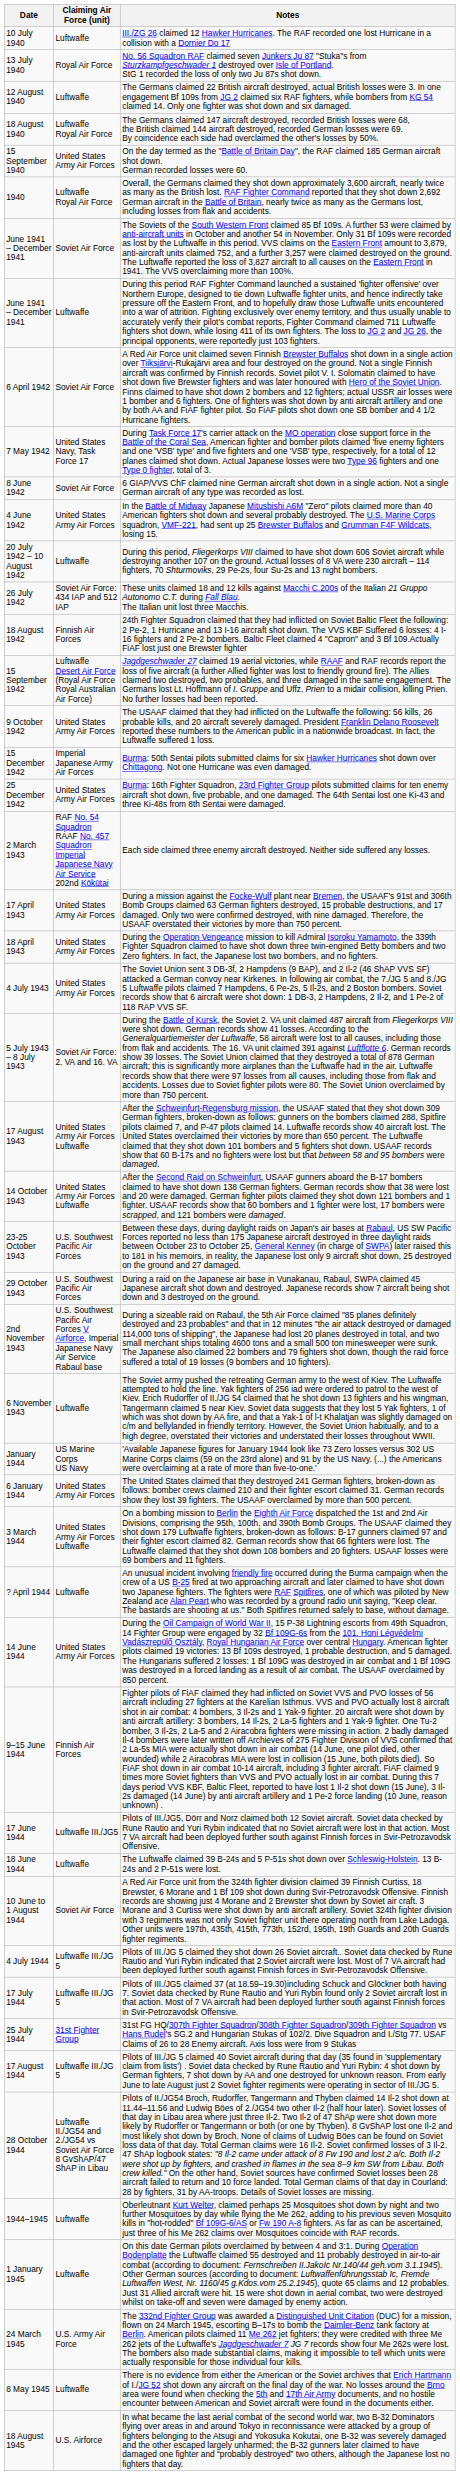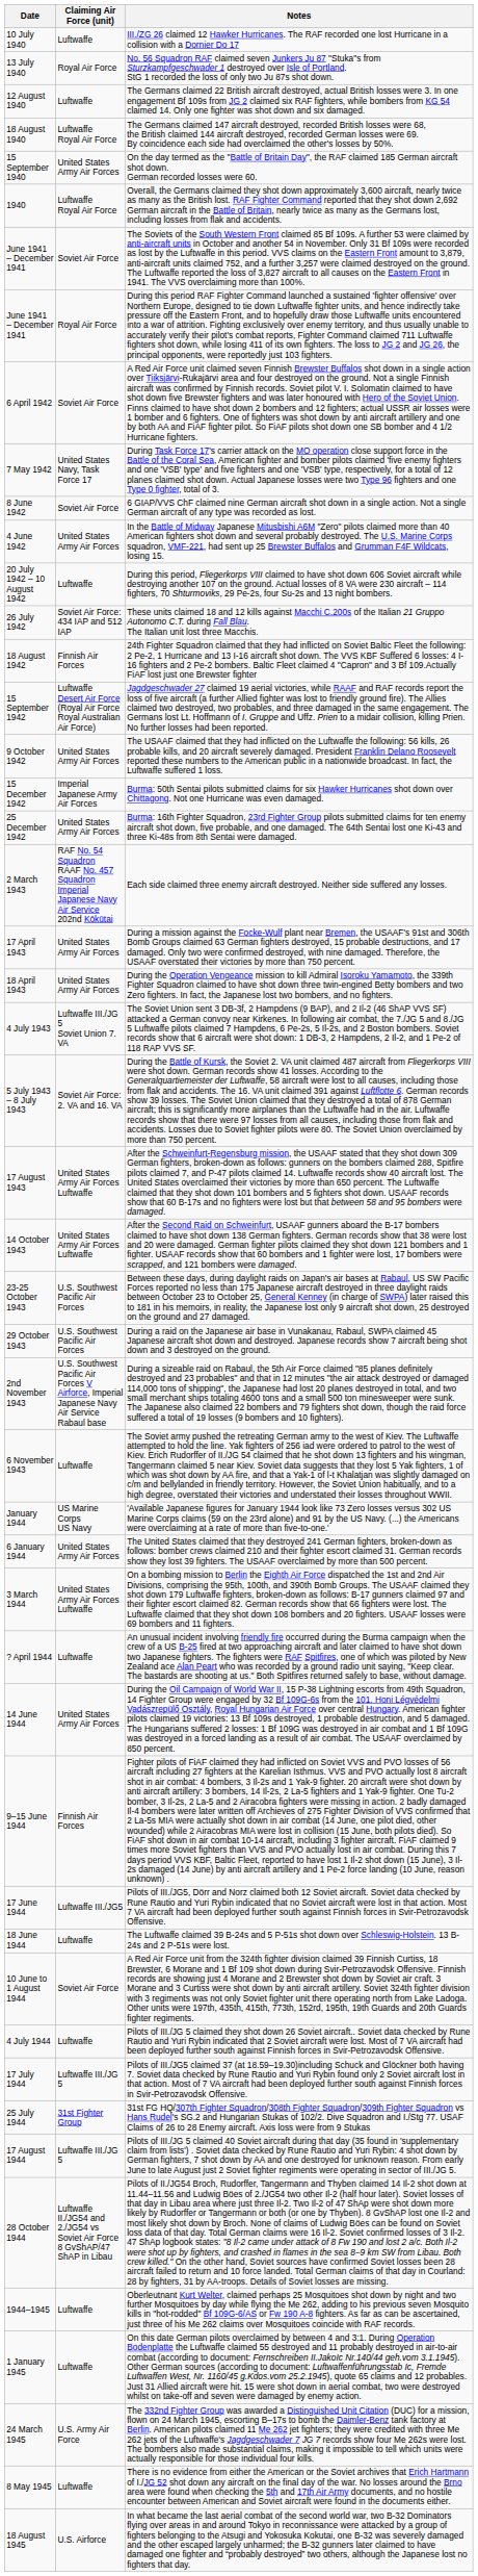 <table class="wikitable sortable">
 <tr>
 <th>Date</th>
 <th>Claiming Air Force (unit)</th>
 <th>Notes</th>
 </tr>
 <tr>
 <td>10 July 1940</td>
 <td>Luftwaffe</td>
 <td><a href='#'>III./ZG 26</a> claimed 12 <a href='#'>Hawker Hurricanes</a>. The RAF recorded one lost Hurricane in a collision with a <a href='#'>Dornier Do 17</a></td>
 </tr>
 <tr>
 <td>13 July 1940</td>
 <td>Royal Air Force</td>
 <td><a href='#'>No. 56 Squadron RAF</a> claimed seven <a href='#'>Junkers Ju 87</a> "Stuka"s from <em><a href='#'>Sturzkampfgeschwader 1</a></em> destroyed over <a href='#'>Isle of Portland</a>.<br> StG 1 recorded the loss of only two Ju 87s shot down.</td>
 </tr>
 <tr>
 <td>12 August 1940</td>
 <td>Luftwaffe</td>
 <td>The Germans claimed 22 British aircraft destroyed, actual British losses were 3. In one engagement Bf 109s from <a href='#'>JG 2</a> claimed six RAF fighters, while bombers from <a href='#'>KG 54</a> claimed 14. Only one fighter was shot down and six damaged.</td>
 </tr>
 <tr>
 <td>18 August 1940</td>
 <td>Luftwaffe <br> Royal Air Force</td>
 <td>The Germans claimed 147 aircraft destroyed, recorded British losses were 68,<br> the British claimed 144 aircraft destroyed, recorded German losses were 69.<br>By coincidence each side had overclaimed the other's losses by 50%.</td>
 </tr>
 <tr>
 <td>15 September 1940</td>
 <td>United States Army Air Forces</td>
 <td>On the day termed as the "<a href='#'>Battle of Britain Day</a>", the RAF claimed 185 German aircraft shot down. <br>German recorded losses were 60.</td>
 </tr>
 <tr>
 <td>1940</td>
 <td>Luftwaffe <br> Royal Air Force</td>
 <td>Overall, the Germans claimed they shot down approximately 3,600 aircraft, nearly twice as many as the British lost. <a href='#'>RAF Fighter Command</a> reported that they shot down 2,692 German aircraft in the <a href='#'>Battle of Britain</a>, nearly twice as many as the Germans lost, including losses from flak and accidents.</td>
 </tr>
 <tr>
 <td>June 1941 – December 1941</td>
 <td>Soviet Air Force</td>
 <td>The Soviets of the <a href='#'>South Western Front</a> claimed 85 Bf 109s. A further 53 were claimed by <a href='#'>anti-aircraft units</a> in October and another 54 in November. Only 31 Bf 109s were recorded as lost by the Luftwaffe in this period. VVS claims on the <a href='#'>Eastern Front</a> amount to 3,879, anti-aircraft units claimed 752, and a further 3,257 were claimed destroyed on the ground. The Luftwaffe reported the loss of 3,827 aircraft to all causes on the <a href='#'>Eastern Front</a> in 1941. The VVS overclaiming more than 100%.</td>
 </tr>
 <tr>
 <td>June 1941 – December 1941</td>
-<td>Luftwaffe</td>
+<td>Royal Air Force</td>
 <td>During this period RAF Fighter Command launched a sustained 'fighter offensive' over Northern Europe, designed to tie down Luftwaffe fighter units, and hence indirectly take pressure off the Eastern Front, and to hopefully draw those Luftwaffe units encountered into a war of attrition. Fighting exclusively over enemy territory, and thus usually unable to accurately verify their pilot's combat reports, Fighter Command claimed 711 Luftwaffe fighters shot down, while losing 411 of its own fighters. The loss to <a href='#'>JG 2</a> and <a href='#'>JG 26</a>, the principal opponents, were reportedly just 103 fighters.</td>
 </tr>
 <tr>
 <td>6 April 1942</td>
 <td>Soviet Air Force</td>
 <td>A Red Air Force unit claimed seven Finnish <a href='#'>Brewster Buffalos</a> shot down in a single action over <a href='#'>Tiiksjärvi</a>-Rukajärvi area and four destroyed on the ground. Not a single Finnish aircraft was confirmed by Finnish records. Soviet pilot V. I. Solomatin claimed to have shot down five Brewster fighters and was later honoured with <a href='#'>Hero of the Soviet Union</a>. Finns claimed to have shot down 2 bombers and 12 fighters; actual USSR air losses were 1 bomber and 6 fighters. One of fighters was shot down by anti aircraft artillery and one by both AA and FiAF fighter pilot. So FiAF pilots shot down one SB bomber and 4 1/2 Hurricane fighters. </td>
 </tr>
 <tr>
 <td>7 May 1942</td>
 <td>United States Navy, Task Force 17</td>
 <td>During <a href='#'>Task Force 17</a>'s carrier attack on the <a href='#'>MO operation</a> close support force in the <a href='#'>Battle of the Coral Sea</a>, American fighter and bomber pilots claimed 'five enemy fighters and one 'VSB' type' and five fighters and one 'VSB' type, respectively, for a total of 12 planes claimed shot down. Actual Japanese losses were two <a href='#'>Type 96</a> fighters and one <a href='#'>Type 0 fighter</a>, total of 3.</td>
 </tr>
 <tr>
 <td>8 June 1942</td>
 <td>Soviet Air Force</td>
 <td>6 GIAP/VVS ChF claimed nine German aircraft shot down in a single action. Not a single German aircraft of any type was recorded as lost.</td>
 </tr>
 <tr>
 <td>4 June 1942</td>
 <td>United States Army Air Forces</td>
 <td>In the <a href='#'>Battle of Midway</a> Japanese <a href='#'>Mitusbishi A6M</a> "Zero" pilots claimed more than 40 American fighters shot down and several probably destroyed. The <a href='#'>U.S. Marine Corps</a> squadron, <a href='#'>VMF-221</a>, had sent up 25 <a href='#'>Brewster Buffalos</a> and <a href='#'>Grumman F4F Wildcats</a>, losing 15.</td>
 </tr>
 <tr>
 <td>20 July 1942 – 10 August 1942</td>
 <td>Luftwaffe</td>
 <td>During this period, <em>Fliegerkorps VIII</em> claimed to have shot down 606 Soviet aircraft while destroying another 107 on the ground. Actual losses of 8 VA were 230 aircraft – 114 fighters, 70 <em>Shturmoviks</em>, 29 Pe-2s, four Su-2s and 13 night bombers.</td>
 </tr>
 <tr>
 <td>26 July 1942</td>
 <td>Soviet Air Force: 434 IAP and 512 IAP</td>
 <td>These units claimed 18 and 12 kills against <a href='#'>Macchi C.200s</a> of the Italian <em>21 Gruppo Autonomo C.T.</em> during <em><a href='#'>Fall Blau</a></em>.<br> The Italian unit lost three Macchis.</td>
 </tr>
 <tr>
 <td>18 August 1942</td>
 <td>Finnish Air Forces</td>
 <td>24th Fighter Squadron claimed that they had inflicted on  Soviet Baltic Fleet the following: 2 Pe-2, 1 Hurricane and 13 I-16 aircraft shot down. The VVS KBF Suffered 6 losses: 4 I-16 fighters and 2 Pe-2 bombers. Baltic Fleet claimed 4 "Capron" and 3 Bf 109.Actually FiAF lost just one Brewster fighter</td>
 </tr>
 <tr>
 <td>15 September 1942</td>
 <td>Luftwaffe<br><a href='#'>Desert Air Force</a> (Royal Air Force <br>Royal Australian Air Force)</td>
 <td><em><a href='#'>Jagdgeschwader 27</a></em> claimed 19 aerial victories, while <a href='#'>RAAF</a> and RAF records report the loss of five aircraft (a further Allied fighter was lost to friendly ground fire). The Allies claimed two destroyed, two probables, and three damaged in the same engagement. The Germans lost Lt. Hoffmann of <em>I. Gruppe</em> and Uffz. <em>Prien</em> to a midair collision, killing Prien. No further losses had been reported.</td>
 </tr>
 <tr>
 <td>9 October 1942</td>
 <td>United States Army Air Forces</td>
 <td>The USAAF claimed that they had inflicted on the Luftwaffe the following: 56 kills, 26 probable kills, and 20 aircraft severely damaged. President <a href='#'>Franklin Delano Roosevelt</a> reported these numbers to the American public in a nationwide broadcast. In fact, the Luftwaffe suffered 1 loss.</td>
 </tr>
 <tr>
 <td>15 December 1942</td>
 <td>Imperial Japanese Army Air Forces</td>
 <td><a href='#'>Burma</a>: 50th Sentai pilots submitted claims for six <a href='#'>Hawker Hurricanes</a> shot down over <a href='#'>Chittagong</a>. Not one Hurricane was even damaged.</td>
 </tr>
 <tr>
 <td>25 December 1942</td>
 <td>United States Army Air Forces</td>
 <td><a href='#'>Burma</a>: 16th Fighter Squadron, <a href='#'>23rd Fighter Group</a> pilots submitted claims for ten enemy aircraft shot down, five probable, and one damaged. The 64th Sentai lost one Ki-43 and three Ki-48s from 8th Sentai were damaged.</td>
 </tr>
 <tr>
 <td>2 March 1943</td>
 <td>RAF <a href='#'>No. 54 Squadron</a><br>RAAF <a href='#'>No. 457 Squadron</a><br><a href='#'>Imperial Japanese Navy Air Service</a> 202nd <a href='#'>Kōkūtai</a></td>
 <td>Each side claimed three enemy aircraft destroyed. Neither side suffered any losses.</td>
 </tr>
 <tr>
 <td>17 April 1943</td>
 <td>United States Army Air Forces</td>
 <td>During a mission against the <a href='#'>Focke-Wulf</a> plant near <a href='#'>Bremen</a>, the USAAF's 91st and 306th Bomb Groups claimed 63 German fighters destroyed, 15 probable destructions, and 17 damaged. Only two were confirmed destroyed, with nine damaged. Therefore, the USAAF overstated their victories by more than 750 percent.</td>
 </tr>
 <tr>
 <td>18 April 1943</td>
 <td>United States Army Air Forces</td>
 <td>During the <a href='#'>Operation Vengeance</a> mission to kill Admiral <a href='#'>Isoroku Yamamoto</a>, the 339th Fighter Squadron claimed to have shot down three twin-engined Betty bombers and two Zero fighters. In fact, the Japanese lost two bombers, and no fighters.</td>
 </tr>
 <tr>
 <td>4 July 1943</td>
-<td>United States Army Air Forces</td>
+<td>Luftwaffe III./JG 5<br>Soviet Union 7. VA</td>
 <td>The Soviet Union sent 3 DB-3f, 2 Hampdens (9 BAP), and 2 Il-2 (46 ShAP VVS SF) attacked a German convoy near Kirkenes. In following air combat, the 7./JG 5 and 8./JG 5 Luftwaffe pilots claimed 7 Hampdens, 6 Pe-2s, 5 Il-2s, and 2 Boston bombers. Soviet records show that 6 aircraft were shot down: 1 DB-3, 2 Hampdens, 2 Il-2, and 1 Pe-2 of 118 RAP VVS SF.</td>
 </tr>
 <tr>
 <td>5 July 1943 – 8 July 1943</td>
 <td>Soviet Air Force: 2. VA and 16. VA</td>
 <td>During the <a href='#'>Battle of Kursk</a>, the Soviet 2. VA unit claimed 487 aircraft from <em>Fliegerkorps VIII</em> were shot down. German records show 41 losses. According to the <em>Generalquartiemeister der Luftwaffe</em>, 58 aircraft were lost to all causes, including those from flak and accidents. The 16. VA unit claimed 391 against <em><a href='#'>Luftflotte 6</a></em>. German records show 39 losses. The Soviet Union claimed that they destroyed a total of 878 German aircraft; this is significantly more airplanes than the Luftwaffe had in the air. Luftwaffe records show that there were 97 losses from all causes, including those from flak and accidents. Losses due to Soviet fighter pilots were 80. The Soviet Union overclaimed by more than 750 percent.</td>
 </tr>
 <tr>
 <td>17 August 1943</td>
 <td>United States Army Air Forces<br>Luftwaffe</td>
 <td>After the <a href='#'>Schweinfurt-Regensburg mission</a>, the USAAF stated that they shot down 309 German fighters, broken-down as follows: gunners on the bombers claimed 288, Spitfire pilots claimed 7, and P-47 pilots claimed 14. Luftwaffe records show 40 aircraft lost. The United States overclaimed their victories by more than 650 percent. The Luftwaffe claimed that they shot down 101 bombers and 5 fighters shot down. USAAF records show that 60 B-17s and no fighters were lost  but that <em>between 58 and 95 bombers</em> were <em>damaged</em>.</td>
 </tr>
 <tr>
 <td>14 October 1943</td>
 <td>United States Army Air Forces<br>Luftwaffe</td>
 <td>After the <a href='#'>Second Raid on Schweinfurt</a>, USAAF gunners aboard the B-17 bombers claimed to have shot down 138 German fighters. German records show that 38 were lost and 20 were damaged. German fighter pilots claimed they shot down 121 bombers and 1 fighter. USAAF records show that 60 bombers and 1 fighter were lost, 17 bombers were <em>scrapped</em>, and 121 bombers were <em>damaged</em>.</td>
 </tr>
 <tr>
 <td>23-25 October 1943</td>
 <td>U.S. Southwest Pacific Air Forces</td>
 <td>Between these days, during daylight raids on Japan's air bases at <a href='#'>Rabaul</a>, US SW Pacific Forces reported no less than 175 Japanese aircraft destroyed in three daylight raids between October 23 to October 25, <a href='#'>General Kenney</a> (in charge of <a href='#'>SWPA</a>) later raised this to 181 in his memoirs, in reality, the Japanese lost only 9 aircraft shot down, 25 destroyed on the ground and 27 damaged.</td>
 </tr>
 <tr>
 <td>29 October 1943</td>
 <td>U.S. Southwest Pacific Air Forces</td>
 <td>During a raid on the Japanese air base in Vunakanau, Rabaul, SWPA claimed 45 Japanese aircraft shot down and destroyed. Japanese records show 7 aircraft being shot down and 3 destroyed on the ground.</td>
 </tr>
 <tr>
 <td>2nd November 1943</td>
 <td>U.S. Southwest Pacific Air Forces <a href='#'>V Airforce</a>, Imperial Japanese Navy Air Service Rabaul base</td>
 <td>During a sizeable raid on Rabaul, the 5th Air Force claimed "85 planes definitely destroyed and 23 probables" and that in 12 minutes "the air attack destroyed or damaged 114,000 tons of shipping", the Japanese had lost 20 planes destroyed in total, and two small merchant ships totaling 4600 tons and a small 500 ton minesweeper were sunk. The Japanese also claimed 22 bombers and 79 fighters shot down, though the raid force suffered a total of 19 losses (9 bombers and 10 fighters).</td>
 </tr>
 <tr>
 <td>6 November 1943</td>
 <td>Luftwaffe</td>
 <td>The Soviet army pushed the retreating German army to the west of Kiev. The Luftwaffe attempted to hold the line. Yak fighters of 256 iad were ordered to patrol to the west of Kiev. Erich Rudorffer of II./JG 54 claimed that he shot down 13 fighters and his wingman, Tangermann claimed 5 near Kiev. Soviet data suggests that they lost 5 Yak fighters, 1 of which was shot down by AA fire, and that a Yak-1 of l-t Khalatjan was slightly damaged on c/m and bellylanded in friendly territory. However, the Soviet Union habitually, and to a high degree, overstated their victories and understated their losses throughout WWII.</td>
 </tr>
 <tr>
 <td>January 1944</td>
 <td>US Marine Corps<br>US Navy</td>
 <td>'Available Japanese figures for January 1944 look like 73 Zero losses versus 302 US Marine Corps claims (59 on the 23rd alone) and 91 by the US Navy. (...) the Americans were overclaiming at a rate of more than five-to-one.'</td>
 </tr>
 <tr>
 <td>6 January 1944</td>
 <td>United States Army Air Forces</td>
 <td>The United States claimed that they destroyed 241 German fighters, broken-down as follows: bomber crews claimed 210 and their fighter escort claimed 31. German records show they lost 39 fighters. The USAAF overclaimed by more than 500 percent.</td>
 </tr>
 <tr>
 <td>3 March 1944</td>
 <td>United States Army Air Forces<br>Luftwaffe</td>
 <td>On a bombing mission to <a href='#'>Berlin</a> the <a href='#'>Eighth Air Force</a> dispatched the 1st and 2nd Air Divisions, comprising the 95th, 100th, and 390th Bomb Groups. The USAAF claimed they shot down 179 Luftwaffe fighters, broken-down as follows: B-17 gunners claimed 97 and their fighter escort claimed 82. German records show that 66 fighters were lost. The Luftwaffe claimed that they shot down 108 bombers and 20 fighters. USAAF losses were 69 bombers and 11 fighters.</td>
 </tr>
 <tr>
 <td>? April 1944</td>
 <td>Luftwaffe</td>
 <td>An unusual incident involving <a href='#'>friendly fire</a> occurred during the Burma campaign when the crew of a US <a href='#'>B-25</a> fired at two approaching aircraft and later claimed to have shot down two Japanese fighters. The fighters were <a href='#'>RAF</a> <a href='#'>Spitfires</a>, one of which was piloted by New Zealand ace <a href='#'>Alan Peart</a> who was recorded by a ground radio unit saying, "Keep clear. The bastards are shooting at us." Both Spitfires returned safely to base, without damage.</td>
 </tr>
 <tr>
 <td>14 June 1944</td>
 <td>United States Army Air Forces</td>
 <td>During the <a href='#'>Oil Campaign of World War II</a>, 15 P-38 Lightning escorts from 49th Squadron, 14 Fighter Group were engaged by 32 <a href='#'>Bf 109G-6s</a> from the <a href='#'>101. Honi Légvédelmi Vadászrepülő Osztály</a>, <a href='#'>Royal Hungarian Air Force</a> over central <a href='#'>Hungary</a>. American fighter pilots claimed 19 victories: 13 Bf 109s destroyed, 1 probable destruction, and 5 damaged. The Hungarians suffered 2 losses: 1 Bf 109G was destroyed in air combat and 1 Bf 109G was destroyed in a forced landing as a result of air combat. The USAAF overclaimed by 850 percent.</td>
 </tr>
 <tr>
 <td>9–15 June 1944</td>
 <td>Finnish Air Forces</td>
 <td>Fighter pilots of FiAF claimed they had inflicted on Soviet VVS and PVO losses of 56 aircraft including 27 fighters at the Karelian Isthmus. VVS and PVO actually lost 8 aircraft shot in air combat: 4 bombers, 3 Il-2s and 1 Yak-9 fighter. 20 aircraft were shot down by anti aircraft artillery: 3 bombers, 14 Il-2s, 2 La-5 fighters and 1 Yak-9 fighter. One Tu-2 bomber, 3 Il-2s, 2 La-5 and 2 Airacobra fighters were missing in action. 2 badly damaged Il-4 bombers were later written off Archieves of 275 Fighter Division of VVS confirmed that 2 La-5s MIA were actually shot down in air combat (14 June, one pilot died, other wounded) while 2 Airacobras MIA were lost in collision (15 June, both pilots died). So FiAF shot down in air combat 10-14 aircraft, including 3 fighter aircraft. FiAF claimed 9 times more Soviet fighters than VVS and PVO actually lost in air combat. During this 7 days period VVS KBF, Baltic Fleet, reported to have lost 1 Il-2 shot down (15 June), 3 Il-2s damaged (14 June) by anti aircraft artillery and 1 Pe-2 force landing (10 June, reason unknown) .</td>
 </tr>
 <tr>
 <td>17 June 1944</td>
 <td>Luftwaffe III./JG5</td>
 <td>Pilots of  III./JG5, Dörr and Norz claimed both 12 Soviet aircraft. Soviet data checked by Rune Rautio and Yuri Rybin indicated that no Soviet aircraft were lost in that action. Most 7 VA aircraft had been deployed further south against Finnish forces in Svir-Petrozavodsk Offensive.</td>
 </tr>
 <tr>
 <td>18 June 1944</td>
 <td>Luftwaffe</td>
 <td>The Luftwaffe claimed 39 B-24s and 5 P-51s shot down over <a href='#'>Schleswig-Holstein</a>. 13 B-24s and 2 P-51s were lost.</td>
 </tr>
 <tr>
 <td>10 June to 1 August 1944</td>
 <td>Soviet Air Force</td>
 <td>A Red Air Force unit from the 324th fighter division claimed 39 Finnish Curtiss, 18 Brewster, 6 Morane and 1 Bf 109 shot down during Svir-Petrozavodsk Offensive. Finnish records are showing just 4 Morane and 2 Brewster shot down by Soviet air craft. 3 Morane and 3 Curtiss were shot down by anti aircraft artillery. Soviet 324th fighter division with 3 regiments was not only Soviet fighter unit there operating north from Lake Ladoga. Other units were 197th, 435th, 415th, 773th, 152rd, 195th, 19th Guards and 20th Guards fighter regiments.</td>
 </tr>
 <tr>
 <td>4 July 1944</td>
-<td>Luftwaffe III./JG 5</td>
+<td>Luftwaffe</td>
 <td>Pilots of  III./JG 5 claimed they shot down 26 Soviet aircraft.. Soviet data checked by Rune Rautio and Yuri Rybin indicated that 2 Soviet aircraft were lost. Most of 7 VA aircraft had been deployed further south against Finnish forces in Svir-Petrozavodsk Offensive.</td>
 </tr>
 <tr>
 <td>17 July 1944</td>
 <td>Luftwaffe III./JG 5</td>
 <td>Pilots of  III./JG5 claimed 37 (at 18.59–19.30)including Schuck and Glöckner both having 7. Soviet data checked by Rune Rautio and Yuri Rybin found only 2 Soviet aircraft lost in that action. Most of 7 VA aircraft had been deployed further south against Finnish forces in Svir-Petrozavodsk Offensive.</td>
 </tr>
 <tr>
 <td>25 July 1944</td>
 <td><a href='#'>31st Fighter Group</a></td>
 <td>31st FG HQ/<a href='#'>307th Fighter Squadron</a>/<a href='#'>308th Fighter Squadron</a>/<a href='#'>309th Fighter Squadron</a> vs <a href='#'>Hans Rudel</a>'s SG.2 and Hungarian Stukas of 102/2. Dive Squadron and I./Stg 77. USAF Claims of 26 to 28 Enemy aircraft. Axis loss were from 9 Stukas </td>
 </tr>
 <tr>
 <td>17 August 1944</td>
 <td>Luftwaffe III./JG 5</td>
 <td>Pilots of III./JG 5 claimed 40 Soviet aircraft during that day (35 found in 'supplementary claim from lists') . Soviet data checked by Rune Rautio and Yuri Rybin: 4 shot down by German fighters, 7 shot down by AA and one destroyed for unknown reason. From early June to late August just 2 Soviet fighter regiments were operating in sector of III./JG 5.</td>
 </tr>
 <tr>
 <td>28 October 1944</td>
 <td>Luftwaffe II./JG54 and 2./JG54 vs Soviet Air Force 8 GvShAP/47 ShAP in Libau</td>
 <td>Pilots of II./JG54 Broch, Rudorffer, Tangermann and Thyben claimed 14 Il-2 shot down at 11.44–11.56 and Ludwig Böes of 2./JG54 two other Il-2 (half hour later). Soviet losses of  that day in Libau area where just three Il-2. Two Il-2 of 47 ShAp were shot down more likely by Rudorffer or Tangermann or both (or one by Thyben). 8 GvShAP lost one Il-2 and most likely shot down by Broch. None of claims of Ludwig Böes can be found on Soviet loss data of that day. Total German claims were 16 Il-2. Soviet confirmed losses of 3 Il-2. 47 ShAp logbook states: <em>"8 Il-2 came under attack of 8 Fw 190 and lost 2 a/c. Both Il-2 were shot up by fighters, and crashed in flames in the sea 8–9 km SW from Libau. Both crew killed."</em> On the other hand, Soviet sources have confirmed Soviet losses been 28 aircraft failed to return and 10 force landed. Total German claims of that day in Courland: 28 by fighters, 31 by AA-troops. Details of Soviet losses are missing.</td>
 </tr>
 <tr>
 <td>1944–1945</td>
 <td>Luftwaffe</td>
 <td>Oberleutnant <a href='#'>Kurt Welter</a>, claimed perhaps 25 Mosquitoes shot down by night and two further Mosquitoes by day while flying the Me 262, adding to his previous seven Mosquito kills  in "hot-rodded" <a href='#'>Bf 109G-6/AS</a> or <a href='#'>Fw 190 A-8</a> fighters. As far as can be ascertained, just three of his Me 262 claims over Mosquitoes coincide with RAF records.</td>
 </tr>
 <tr>
 <td>1 January 1945</td>
 <td>Luftwaffe</td>
 <td>On this date German pilots overclaimed by between 4 and 3:1. During <a href='#'>Operation Bodenplatte</a> the Luftwaffe claimed 55 destroyed and 11 probably destroyed in air-to-air combat (according to document: <em>Fernschreiben II.JakoIc Nr.140/44 geh.vom 3.1.1945</em>). Other German sources (according to document: <em>Luftwaffenführungsstab Ic, Fremde Luftwaffen West, Nr. 1160/45 g.Kdos.vom 25.2.1945</em>), quote 65 claims and 12 probables. Just 31 Allied aircraft were hit. 15 were shot down in aerial combat, two were destroyed whilst on take-off and seven were damaged by enemy action.</td>
 </tr>
 <tr>
 <td>24 March 1945</td>
 <td>U.S. Army Air Force</td>
 <td>The <a href='#'>332nd Fighter Group</a> was awarded a <a href='#'>Distinguished Unit Citation</a> (DUC) for a mission, flown on 24 March 1945, escorting B–17s to bomb the <a href='#'>Daimler-Benz</a> tank factory at <a href='#'>Berlin</a>. American pilots claimed 11 <a href='#'>Me 262</a> jet fighters; they were credited with three Me 262 jets of the Luftwaffe's <em><a href='#'>Jagdgeschwader 7</a></em> <em>JG 7</em> records show four Me 262s were lost. The bombers also made substantial claims, making it impossible to tell which units were actually responsible for those individual four kills.</td>
 </tr>
 <tr>
 <td>8 May 1945</td>
 <td>Luftwaffe</td>
 <td>There is no evidence from either the American or the Soviet archives that <a href='#'>Erich Hartmann</a> of I./<a href='#'>JG 52</a> shot down any aircraft on the final day of the war. No losses around the <a href='#'>Brno</a> area were found when checking the <a href='#'>5th</a> and <a href='#'>17th Air Army</a> documents, and no hostile encounter between American and Soviet aircraft were found in the documents either.</td>
 </tr>
 <tr>
 <td>18 August 1945</td>
 <td>U.S. Airforce</td>
 <td>In what became the last aerial combat of the second world war, two B-32 Dominators flying over areas in and around Tokyo in reconnissance were attacked by a group of fighters belonging to the Atsugi and Yokosuka Kokutai, one B-32 was severely damaged and the other escaped largely unharmed; the B-32 gunners later claimed to have damaged one fighter and “probably destroyed” two others, although the Japanese lost no fighters that day.</td>
 </tr>
 </table>
